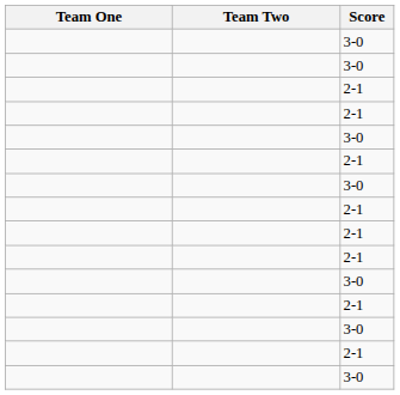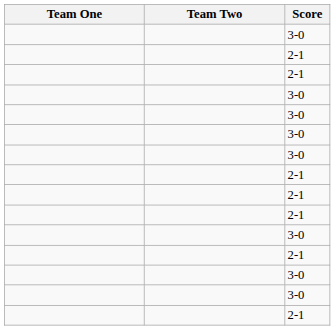 <table class="wikitable">
 <tr>
 <th width=170>Team One</th>
 <th width=170>Team Two</th>
 <th width=50>Score</th>
-</tr>
-<tr>
-<td></td>
-<td></td>
-<td>3-0</td>
 </tr>
 <tr>
 <td></td>
 <td></td>
 <td>3-0</td>
 </tr>
 <tr>
 <td></td>
 <td></td>
 <td>2-1</td>
 </tr>
 <tr>
 <td></td>
 <td></td>
 <td>2-1</td>
 </tr>
 <tr>
 <td></td>
 <td></td>
 <td>3-0</td>
 </tr>
 <tr>
 <td></td>
 <td></td>
-<td>2-1</td>
+<td>3-0</td>
+</tr>
+<tr>
+<td></td>
+<td></td>
+<td>3-0</td>
 </tr>
 <tr>
 <td></td>
 <td></td>
 <td>3-0</td>
 </tr>
 <tr>
 <td></td>
 <td></td>
 <td>2-1</td>
 </tr>
 <tr>
 <td></td>
 <td></td>
 <td>2-1</td>
 </tr>
 <tr>
 <td></td>
 <td></td>
 <td>2-1</td>
 </tr>
 <tr>
 <td></td>
 <td></td>
 <td>3-0</td>
 </tr>
 <tr>
 <td></td>
 <td></td>
 <td>2-1</td>
 </tr>
 <tr>
 <td></td>
 <td></td>
 <td>3-0</td>
 </tr>
 <tr>
 <td></td>
 <td></td>
-<td>2-1</td>
+<td>3-0</td>
 </tr>
 <tr>
 <td></td>
 <td></td>
-<td>3-0</td>
+<td>2-1</td>
 </tr>
 </table>
